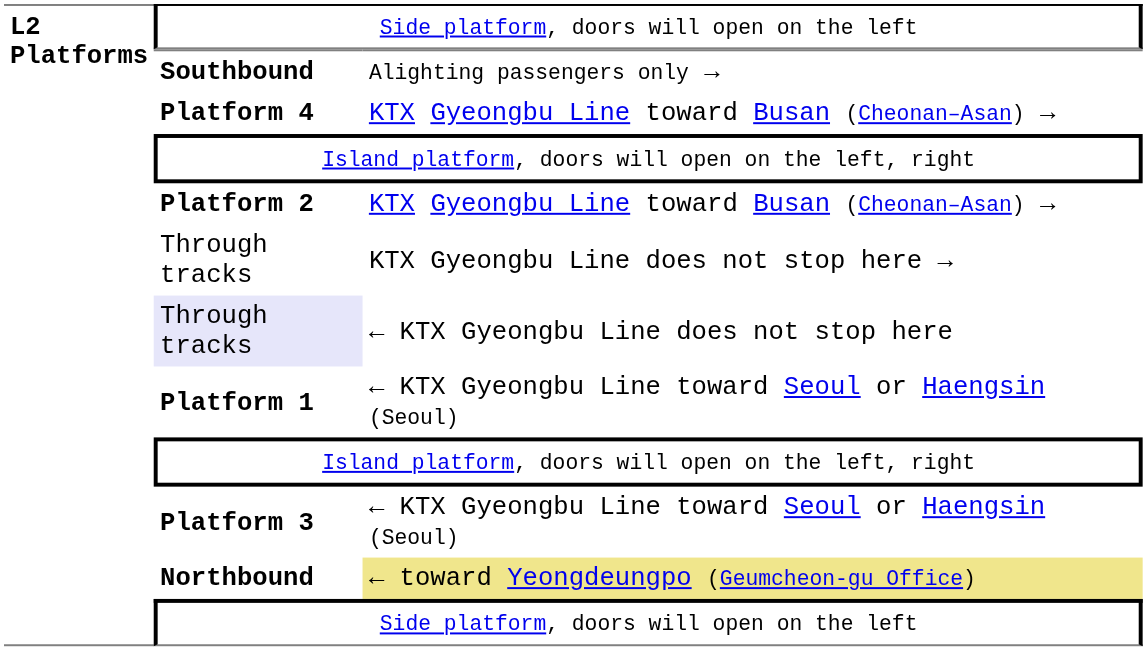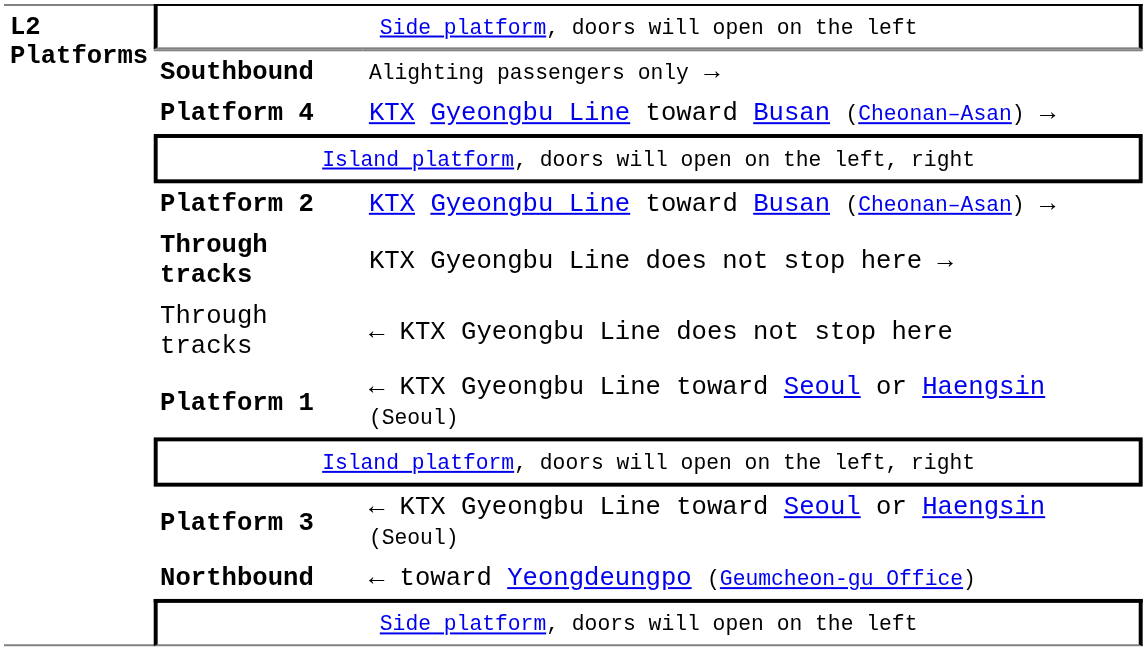 <table border=0 cellspacing=0 cellpadding=3>
 <tr>
 <td style="border-top:solid 1px gray;border-bottom:solid 1px gray;" width=50 rowspan=25 valign=top><strong>L2<br>Platforms</strong></td>
 <td style="border-top:solid 1px black;border-right:solid 2px black;border-left:solid 2px black;border-bottom:solid 1px gray;text-align:center;" colspan=2><small><a href='#'>Side platform</a>, doors will open on the left</small></td>
 </tr>
 <tr>
 <td style="border-bottom:solid 0px gray;border-top:solid 1px gray;" width=100><span><strong>Southbound</strong></span></td>
 <td style="border-bottom:solid 0px gray;border-top:solid 1px gray;" width=390>  <small>Alighting passengers only</small> →</td>
 </tr>
 <tr>
 <td><span><strong>Platform 4</strong></span></td>
 <td> <a href='#'>KTX</a> <a href='#'>Gyeongbu Line</a> toward <a href='#'>Busan</a> <small>(<a href='#'>Cheonan–Asan</a>)</small> →</td>
 </tr>
 <tr>
 <td style="border-top:solid 2px black;border-right:solid 2px black;border-left:solid 2px black;border-bottom:solid 2px black;text-align:center;" colspan=2><small><a href='#'>Island platform</a>, doors will open on the left, right</small></td>
 </tr>
 <tr>
 <td><span><strong>Platform 2</strong></span></td>
 <td> <a href='#'>KTX</a> <a href='#'>Gyeongbu Line</a> toward <a href='#'>Busan</a> <small>(<a href='#'>Cheonan–Asan</a>)</small> →</td>
 </tr>
 <tr>
-<td>Through tracks</td>
+<td><strong>Through tracks</strong></td>
 <td> KTX Gyeongbu Line does not stop here →</td>
 </tr>
 <tr>
-<td style="background: lavender;">Through tracks</td>
+<td>Through tracks</td>
 <td>← KTX Gyeongbu Line does not stop here</td>
 </tr>
 <tr>
 <td><span><strong>Platform 1</strong></span></td>
 <td>← KTX Gyeongbu Line toward <a href='#'>Seoul</a> or <a href='#'>Haengsin</a> <small>(Seoul)</small></td>
 </tr>
 <tr>
 <td style="border-top:solid 2px black;border-right:solid 2px black;border-left:solid 2px black;border-bottom:solid 2px black;text-align:center;" colspan=2><small><a href='#'>Island platform</a>, doors will open on the left, right</small></td>
 </tr>
 <tr>
 <td><span><strong>Platform 3</strong></span></td>
 <td>← KTX Gyeongbu Line toward <a href='#'>Seoul</a> or <a href='#'>Haengsin</a> <small>(Seoul)</small></td>
 </tr>
 <tr>
 <td><span><strong>Northbound</strong></span></td>
-<td style="background: khaki;">←  toward <a href='#'>Yeongdeungpo</a> <small>(<a href='#'>Geumcheon-gu Office</a>)</small></td>
+<td>←  toward <a href='#'>Yeongdeungpo</a> <small>(<a href='#'>Geumcheon-gu Office</a>)</small></td>
 </tr>
 <tr>
 <td style="border-top:solid 2px black;border-right:solid 2px black;border-left:solid 2px black;border-bottom:solid 1px gray;text-align:center;" colspan=2><small><a href='#'>Side platform</a>, doors will open on the left</small></td>
 </tr>
 </table>
